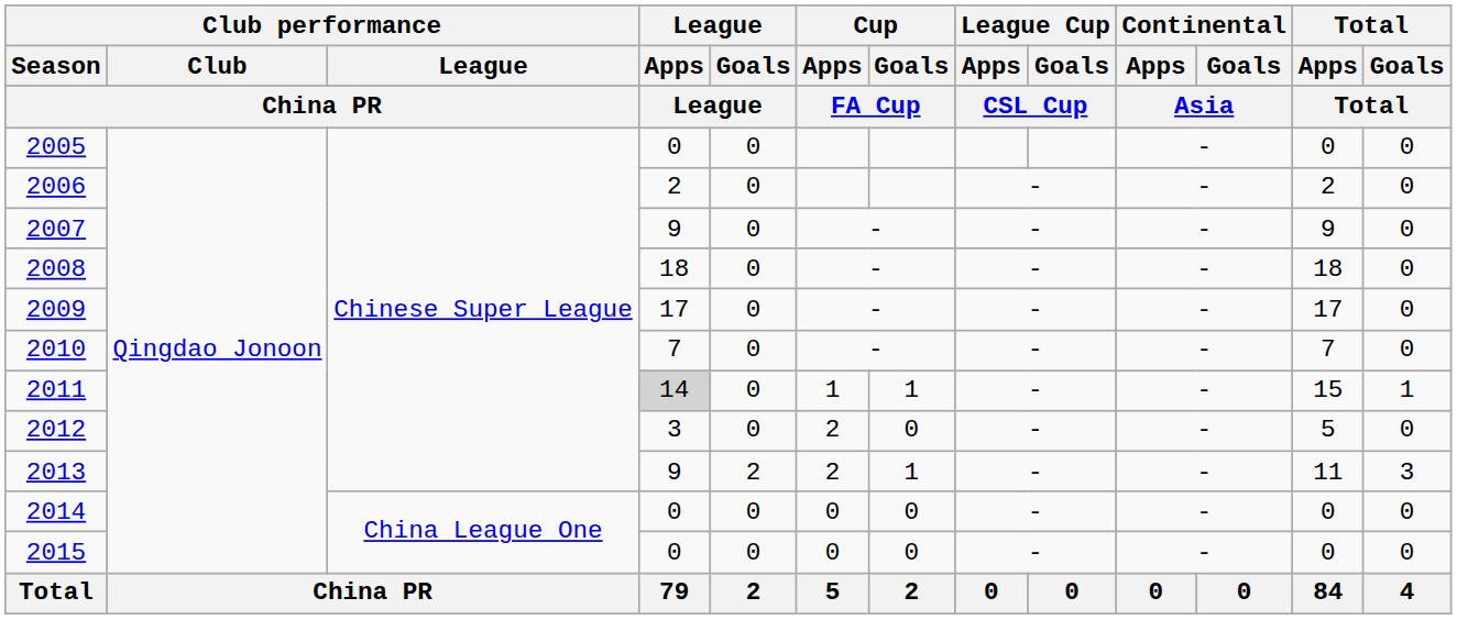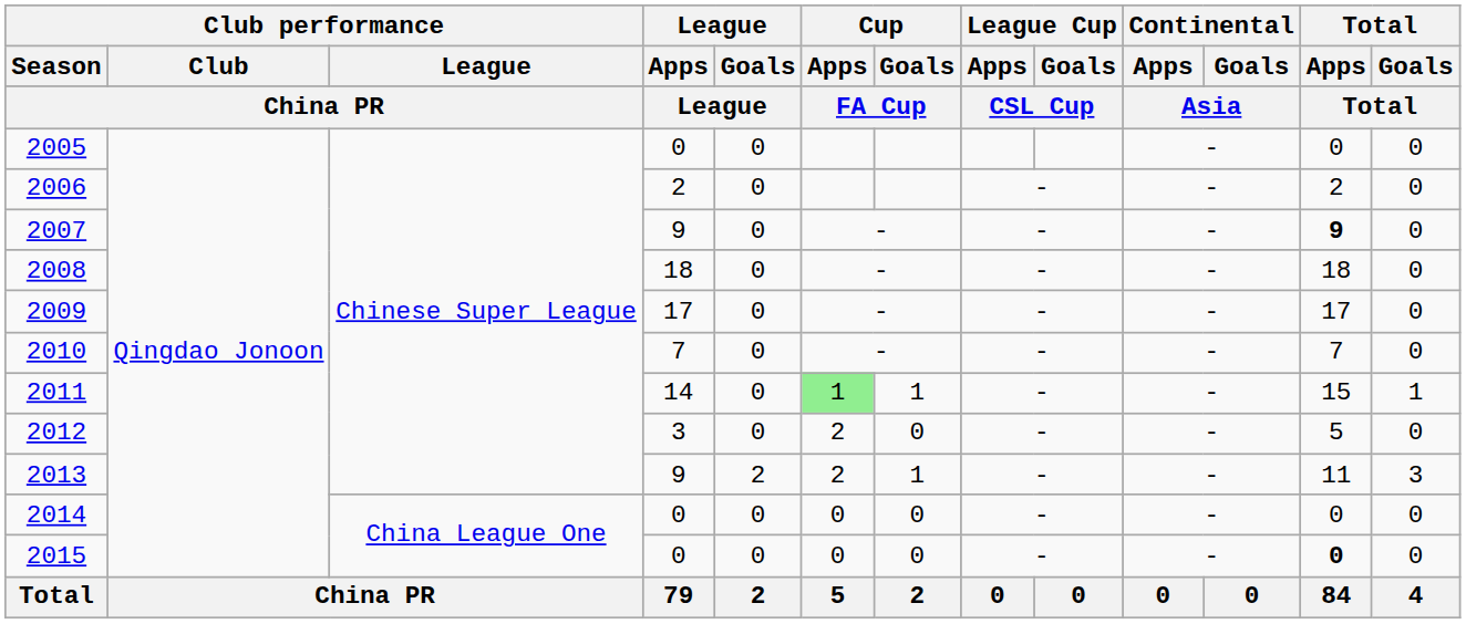 <table class="wikitable" style="text-align:center">
 <tr>
 <th colspan=3>Club performance</th>
 <th colspan=2>League</th>
 <th colspan=2>Cup</th>
 <th colspan=2>League Cup</th>
 <th colspan=2>Continental</th>
 <th colspan=2>Total</th>
 </tr>
 <tr>
 <th>Season</th>
 <th>Club</th>
 <th>League</th>
 <th>Apps</th>
 <th>Goals</th>
 <th>Apps</th>
 <th>Goals</th>
 <th>Apps</th>
 <th>Goals</th>
 <th>Apps</th>
 <th>Goals</th>
 <th>Apps</th>
 <th>Goals</th>
 </tr>
 <tr>
 <th colspan=3>China PR</th>
 <th colspan=2>League</th>
 <th colspan=2><a href='#'>FA Cup</a></th>
 <th colspan=2><a href='#'>CSL Cup</a></th>
 <th colspan=2><a href='#'>Asia</a></th>
 <th colspan=2>Total</th>
 </tr>
 <tr>
 <td><a href='#'>2005</a></td>
 <td rowspan="11"><a href='#'>Qingdao Jonoon</a></td>
 <td rowspan="9"><a href='#'>Chinese Super League</a></td>
 <td>0</td>
 <td>0</td>
 <td></td>
 <td></td>
 <td></td>
 <td></td>
 <td colspan="2">-</td>
 <td>0</td>
 <td>0</td>
 </tr>
 <tr>
 <td><a href='#'>2006</a></td>
 <td>2</td>
 <td>0</td>
 <td></td>
 <td></td>
 <td colspan="2">-</td>
 <td colspan="2">-</td>
 <td>2</td>
 <td>0</td>
 </tr>
 <tr>
 <td><a href='#'>2007</a></td>
 <td>9</td>
 <td>0</td>
 <td colspan="2">-</td>
 <td colspan="2">-</td>
 <td colspan="2">-</td>
-<td>9</td>
+<td><strong>9</strong></td>
 <td>0</td>
 </tr>
 <tr>
 <td><a href='#'>2008</a></td>
 <td>18</td>
 <td>0</td>
 <td colspan="2">-</td>
 <td colspan="2">-</td>
 <td colspan="2">-</td>
 <td>18</td>
 <td>0</td>
 </tr>
 <tr>
 <td><a href='#'>2009</a></td>
 <td>17</td>
 <td>0</td>
 <td colspan="2">-</td>
 <td colspan="2">-</td>
 <td colspan="2">-</td>
 <td>17</td>
 <td>0</td>
 </tr>
 <tr>
 <td><a href='#'>2010</a></td>
 <td>7</td>
 <td>0</td>
 <td colspan="2">-</td>
 <td colspan="2">-</td>
 <td colspan="2">-</td>
 <td>7</td>
 <td>0</td>
 </tr>
 <tr>
 <td><a href='#'>2011</a></td>
-<td style="background: lightgrey;">14</td>
+<td>14</td>
 <td>0</td>
-<td>1</td>
+<td style="background: lightgreen;">1</td>
 <td>1</td>
 <td colspan="2">-</td>
 <td colspan="2">-</td>
 <td>15</td>
 <td>1</td>
 </tr>
 <tr>
 <td><a href='#'>2012</a></td>
 <td>3</td>
 <td>0</td>
 <td>2</td>
 <td>0</td>
 <td colspan="2">-</td>
 <td colspan="2">-</td>
 <td>5</td>
 <td>0</td>
 </tr>
 <tr>
 <td><a href='#'>2013</a></td>
 <td>9</td>
 <td>2</td>
 <td>2</td>
 <td>1</td>
 <td colspan="2">-</td>
 <td colspan="2">-</td>
 <td>11</td>
 <td>3</td>
 </tr>
 <tr>
 <td><a href='#'>2014</a></td>
 <td rowspan="2"><a href='#'>China League One</a></td>
 <td>0</td>
 <td>0</td>
 <td>0</td>
 <td>0</td>
 <td colspan="2">-</td>
 <td colspan="2">-</td>
 <td>0</td>
 <td>0</td>
 </tr>
 <tr>
 <td><a href='#'>2015</a></td>
 <td>0</td>
 <td>0</td>
 <td>0</td>
 <td>0</td>
 <td colspan="2">-</td>
 <td colspan="2">-</td>
-<td>0</td>
+<td><strong>0</strong></td>
 <td>0</td>
 </tr>
 <tr>
 <th rowspan=3>Total</th>
 <th colspan=2>China PR</th>
 <th>79</th>
 <th>2</th>
 <th>5</th>
 <th>2</th>
 <th>0</th>
 <th>0</th>
 <th>0</th>
 <th>0</th>
 <th>84</th>
 <th>4</th>
 </tr>
 </table>
